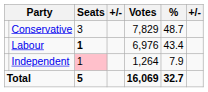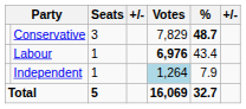 <table class="wikitable sortable">
 <tr>
 <th colspan="2">Party</th>
 <th>Seats</th>
 <th>+/-</th>
 <th>Votes</th>
 <th>%</th>
 <th>+/-</th>
 </tr>
 <tr>
 <td style="background-color: "></td>
 <td><a href='#'>Conservative</a></td>
 <td>3</td>
 <td></td>
 <td style="text-align:right;">7,829</td>
-<td style="text-align:right;">48.7</td>
+<td style="text-align:right;"><strong>48.7</strong></td>
 <td style="text-align:right;"></td>
 </tr>
 <tr>
 <td style="background-color: "></td>
 <td><a href='#'>Labour</a></td>
-<td><strong>1</strong></td>
+<td>1</td>
 <td></td>
-<td style="text-align:right;">6,976</td>
+<td style="text-align:right;"><strong>6,976</strong></td>
 <td style="text-align:right;">43.4</td>
 <td style="text-align:right;"></td>
 </tr>
 <tr>
 <td style="background-color: "></td>
 <td><a href='#'>Independent</a></td>
-<td style="background: pink;">1</td>
+<td>1</td>
 <td></td>
-<td style="text-align:right;">1,264</td>
+<td style="background: lightblue; text-align:right;">1,264</td>
 <td style="text-align:right;">7.9</td>
 <td style="text-align:right;"></td>
 </tr>
 <tr>
 <td colspan="2"><strong>Total</strong></td>
 <td><strong>5</strong></td>
 <td></td>
 <td style="text-align:right;"><strong>16,069</strong></td>
 <td style="text-align:right;"><strong>32.7</strong></td>
 <td></td>
 </tr>
 </table>
